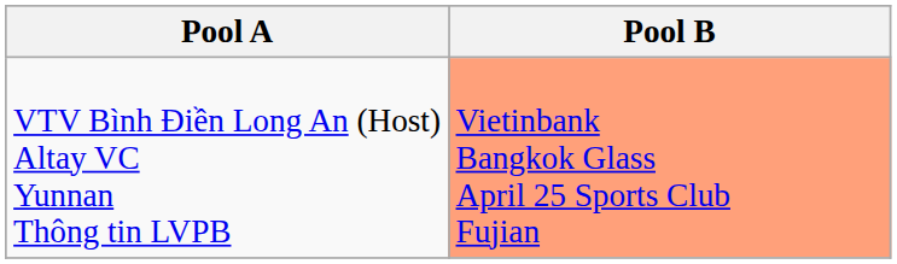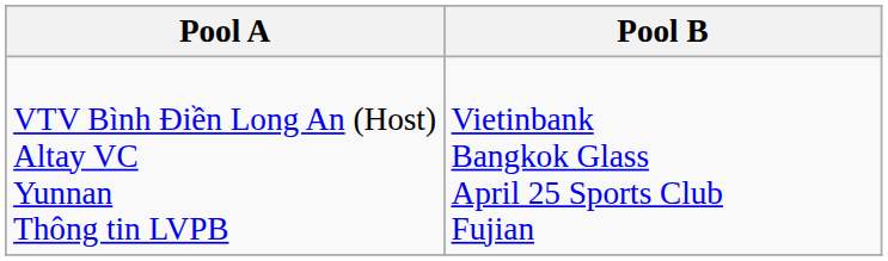 <table class="wikitable">
 <tr>
 <th width=50%>Pool A</th>
 <th width=50%>Pool B</th>
 </tr>
 <tr>
 <td><br> <a href='#'>VTV Bình Điền Long An</a> (Host)<br>  <a href='#'>Altay VC</a> <br>  <a href='#'>Yunnan</a> <br>  <a href='#'>Thông tin LVPB</a> <br></td>
-<td style="background: lightsalmon;"><br> <a href='#'>Vietinbank</a> <br>  <a href='#'>Bangkok Glass</a> <br>  <a href='#'>April 25 Sports Club</a> <br>  <a href='#'>Fujian</a> <br></td>
+<td><br> <a href='#'>Vietinbank</a> <br>  <a href='#'>Bangkok Glass</a> <br>  <a href='#'>April 25 Sports Club</a> <br>  <a href='#'>Fujian</a> <br></td>
 </tr>
 </table>
